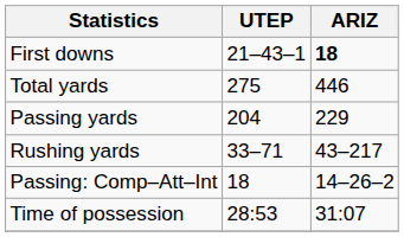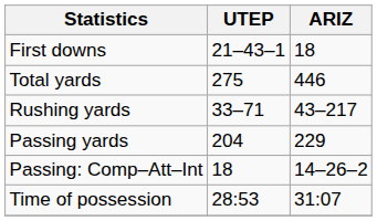 <table class="wikitable" style="float: left;">
 <tr>
 <th>Statistics</th>
 <th>UTEP</th>
 <th>ARIZ</th>
 </tr>
 <tr>
 <td>First downs</td>
 <td>21–43–1</td>
-<td><strong>18</strong></td>
+<td>18</td>
 </tr>
 <tr>
 <td>Total yards</td>
 <td>275</td>
 <td>446</td>
 </tr>
 <tr>
+<td>Rushing yards</td>
+<td>33–71</td>
+<td>43–217</td>
+</tr>
+<tr>
 <td>Passing yards</td>
 <td>204</td>
 <td>229</td>
-</tr>
-<tr>
-<td>Rushing yards</td>
-<td>33–71</td>
-<td>43–217</td>
 </tr>
 <tr>
 <td>Passing: Comp–Att–Int</td>
 <td>18</td>
 <td>14–26–2</td>
 </tr>
 <tr>
 <td>Time of possession</td>
 <td>28:53</td>
 <td>31:07</td>
 </tr>
 <tr>
 </tr>
 </table>
